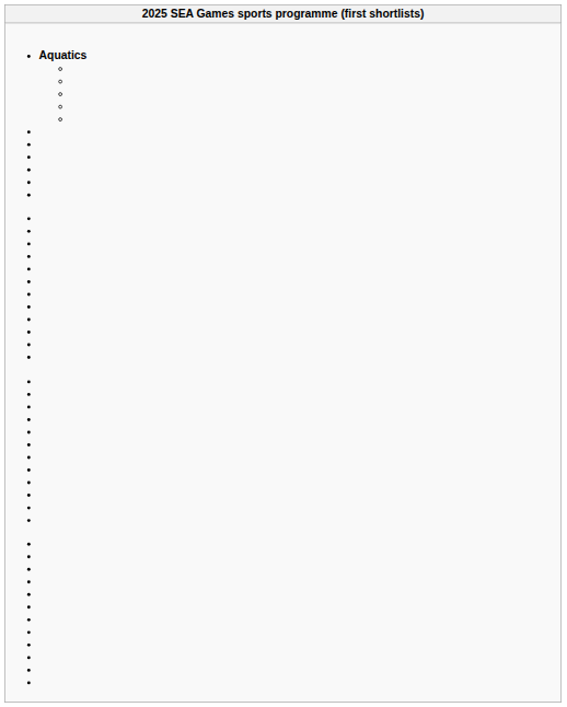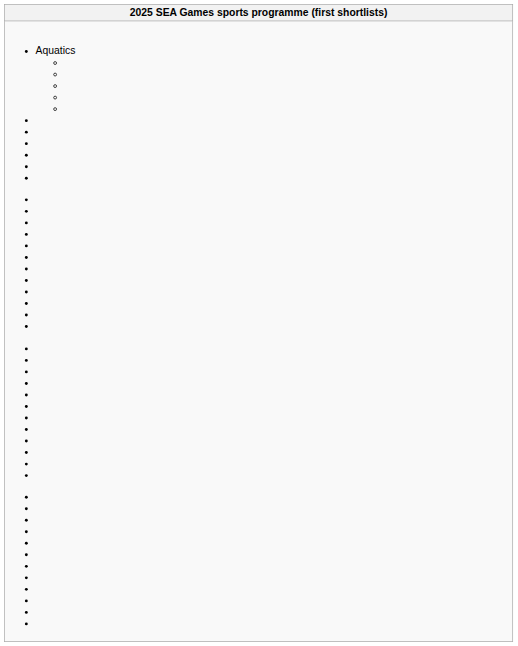 <table class="wikitable mw-collapsible mw-collapsed" style="white-space:nowrap; width:80%; font-size:90%;">
 <tr>
 <th>2025 SEA Games sports programme (first shortlists)</th>
 </tr>
 <tr>
-<td><strong><br> <ul><li>Aquatics<ul><li></li><li></li><li></li><li></li><li></li></ul></li><li></li><li></li><li></li><li></li><li></li><li></li></ul><ul><li></li><li></li><li></li><li></li><li></li><li></li><li></li><li></li><li></li><li></li><li></li><li></li></ul><ul><li></li><li></li><li></li><li></li><li></li><li></li><li></li><li></li><li></li><li></li><li></li><li></li></ul><ul><li></li><li></li><li></li><li></li><li></li><li></li><li></li><li></li><li></li><li></li><li></li><li></li></ul></strong></td>
+<td><br> <ul><li>Aquatics<ul><li></li><li></li><li></li><li></li><li></li></ul></li><li></li><li></li><li></li><li></li><li></li><li></li></ul><ul><li></li><li></li><li></li><li></li><li></li><li></li><li></li><li></li><li></li><li></li><li></li><li></li></ul><ul><li></li><li></li><li></li><li></li><li></li><li></li><li></li><li></li><li></li><li></li><li></li><li></li></ul><ul><li></li><li></li><li></li><li></li><li></li><li></li><li></li><li></li><li></li><li></li><li></li><li></li></ul></td>
 </tr>
 </table>
